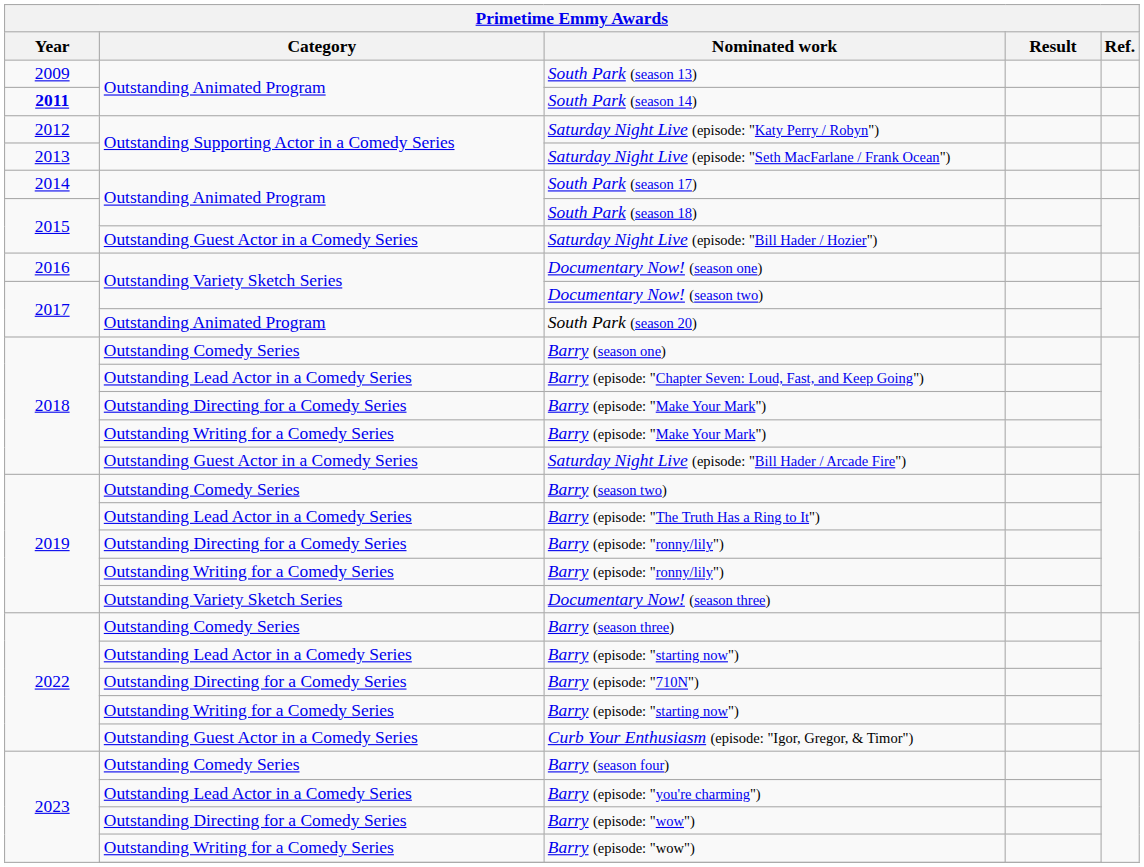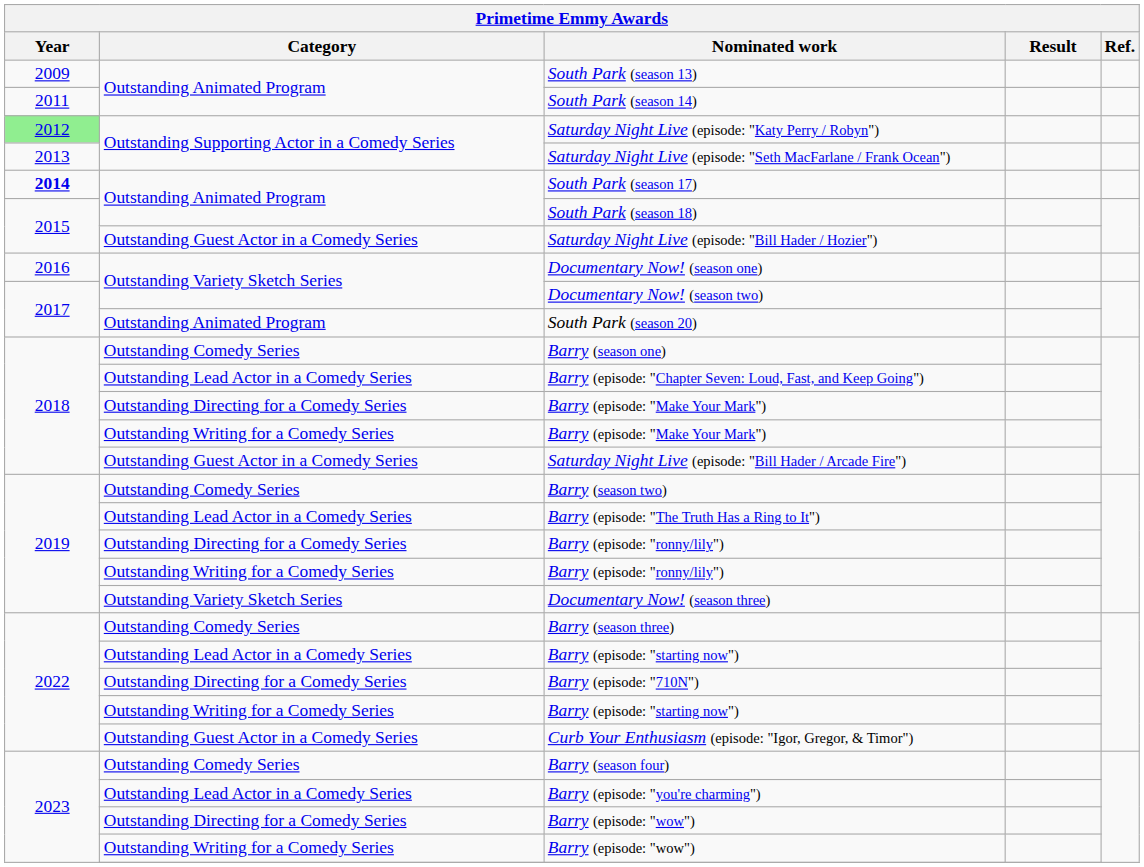 <table class=wikitable>
 <tr>
 <th colspan=5><a href='#'>Primetime Emmy Awards</a></th>
 </tr>
 <tr>
 <th scope="col" style="width:5em;">Year</th>
 <th scope="col" style="width:25em;">Category</th>
 <th scope="col" style="width:26em;">Nominated work</th>
 <th scope="col" style="width:5em;">Result</th>
 <th>Ref.</th>
 </tr>
 <tr>
 <td style="text-align:center;"><a href='#'>2009</a></td>
 <td rowspan=2><a href='#'>Outstanding Animated Program</a></td>
 <td><em><a href='#'>South Park</a></em> <small> (<a href='#'>season 13</a>) </small></td>
 <td></td>
 <td style="text-align:center;"></td>
 </tr>
 <tr>
-<td style="text-align:center;"><strong><a href='#'>2011</a></strong></td>
+<td style="text-align:center;"><a href='#'>2011</a></td>
 <td><em><a href='#'>South Park</a></em> <small> (<a href='#'>season 14</a>) </small></td>
 <td></td>
 <td style="text-align:center;"></td>
 </tr>
 <tr>
-<td style="text-align:center;"><a href='#'>2012</a></td>
+<td style="background: lightgreen; text-align:center;"><a href='#'>2012</a></td>
 <td rowspan=2><a href='#'>Outstanding Supporting Actor in a Comedy Series</a></td>
 <td><em><a href='#'>Saturday Night Live</a></em> <small> (episode: "<a href='#'>Katy Perry / Robyn</a>") </small></td>
 <td></td>
 <td style="text-align:center;"></td>
 </tr>
 <tr>
 <td style="text-align:center;"><a href='#'>2013</a></td>
 <td><em><a href='#'>Saturday Night Live</a></em> <small> (episode: "<a href='#'>Seth MacFarlane / Frank Ocean</a>") </small></td>
 <td></td>
 <td style="text-align:center;"></td>
 </tr>
 <tr>
-<td style="text-align:center;"><a href='#'>2014</a></td>
+<td style="text-align:center;"><strong><a href='#'>2014</a></strong></td>
 <td rowspan=2><a href='#'>Outstanding Animated Program</a></td>
 <td><em><a href='#'>South Park</a></em> <small> (<a href='#'>season 17</a>) </small></td>
 <td></td>
 <td style="text-align:center;"></td>
 </tr>
 <tr>
 <td rowspan="2", style="text-align:center;"><a href='#'>2015</a></td>
 <td><em><a href='#'>South Park</a></em> <small> (<a href='#'>season 18</a>) </small></td>
 <td></td>
 <td style="text-align:center;", rowspan=2></td>
 </tr>
 <tr>
 <td><a href='#'>Outstanding Guest Actor in a Comedy Series</a></td>
 <td><em><a href='#'>Saturday Night Live</a></em> <small> (episode: "<a href='#'>Bill Hader / Hozier</a>") </small></td>
 <td></td>
 </tr>
 <tr>
 <td style="text-align:center;"><a href='#'>2016</a></td>
 <td rowspan=2><a href='#'>Outstanding Variety Sketch Series</a></td>
 <td><em><a href='#'>Documentary Now!</a></em> <small> (<a href='#'>season one</a>)</small></td>
 <td></td>
 <td style="text-align:center;"></td>
 </tr>
 <tr>
 <td rowspan=2, style="text-align:center;"><a href='#'>2017</a></td>
 <td><em><a href='#'>Documentary Now!</a></em> <small> (<a href='#'>season two</a>)</small></td>
 <td></td>
 <td style="text-align:center;", rowspan=2></td>
 </tr>
 <tr>
 <td><a href='#'>Outstanding Animated Program</a></td>
 <td><em> South Park</em> <small> (<a href='#'>season 20</a>) </small></td>
 <td></td>
 </tr>
 <tr>
 <td rowspan=5, style="text-align:center;"><a href='#'>2018</a></td>
 <td><a href='#'>Outstanding Comedy Series</a></td>
 <td><em><a href='#'>Barry</a></em> <small> (<a href='#'>season one</a>) </small></td>
 <td></td>
 <td style="text-align:center;", rowspan=5></td>
 </tr>
 <tr>
 <td><a href='#'>Outstanding Lead Actor in a Comedy Series</a></td>
 <td><em><a href='#'>Barry</a></em> <small> (episode: "<a href='#'>Chapter Seven: Loud, Fast, and Keep Going</a>") </small></td>
 <td></td>
 </tr>
 <tr>
 <td><a href='#'>Outstanding Directing for a Comedy Series</a></td>
 <td><em><a href='#'>Barry</a></em> <small> (episode: "<a href='#'>Make Your Mark</a>") </small></td>
 <td></td>
 </tr>
 <tr>
 <td><a href='#'>Outstanding Writing for a Comedy Series</a></td>
 <td><em><a href='#'>Barry</a></em> <small> (episode: "<a href='#'>Make Your Mark</a>") </small></td>
 <td></td>
 </tr>
 <tr>
 <td><a href='#'>Outstanding Guest Actor in a Comedy Series</a></td>
 <td><em><a href='#'>Saturday Night Live</a></em> <small> (episode: "<a href='#'>Bill Hader / Arcade Fire</a>") </small></td>
 <td></td>
 </tr>
 <tr>
 <td rowspan=5, style="text-align:center;"><a href='#'>2019</a></td>
 <td><a href='#'>Outstanding Comedy Series</a></td>
 <td><em><a href='#'>Barry</a></em> <small> (<a href='#'>season two</a>) </small></td>
 <td></td>
 <td style="text-align:center;", rowspan=5></td>
 </tr>
 <tr>
 <td><a href='#'>Outstanding Lead Actor in a Comedy Series</a></td>
 <td><em><a href='#'>Barry</a></em> <small> (episode: "<a href='#'>The Truth Has a Ring to It</a>") </small></td>
 <td></td>
 </tr>
 <tr>
 <td><a href='#'>Outstanding Directing for a Comedy Series</a></td>
 <td><em><a href='#'>Barry</a></em> <small> (episode: "<a href='#'>ronny/lily</a>") </small></td>
 <td></td>
 </tr>
 <tr>
 <td><a href='#'>Outstanding Writing for a Comedy Series</a></td>
 <td><em><a href='#'>Barry</a></em> <small> (episode: "<a href='#'>ronny/lily</a>") </small></td>
 <td></td>
 </tr>
 <tr>
 <td><a href='#'>Outstanding Variety Sketch Series</a></td>
 <td><em><a href='#'>Documentary Now!</a></em> <small> (<a href='#'>season three</a>) </small></td>
 <td></td>
 </tr>
 <tr>
 <td rowspan=5, style="text-align:center;"><a href='#'>2022</a></td>
 <td><a href='#'>Outstanding Comedy Series</a></td>
 <td><em><a href='#'>Barry</a></em> <small> (<a href='#'>season three</a>) </small></td>
 <td></td>
 <td style="text-align:center;", rowspan=5></td>
 </tr>
 <tr>
 <td><a href='#'>Outstanding Lead Actor in a Comedy Series</a></td>
 <td><em><a href='#'>Barry</a></em> <small> (episode: "<a href='#'>starting now</a>") </small></td>
 <td></td>
 </tr>
 <tr>
 <td><a href='#'>Outstanding Directing for a Comedy Series</a></td>
 <td><em><a href='#'>Barry</a></em> <small> (episode: "<a href='#'>710N</a>") </small></td>
 <td></td>
 </tr>
 <tr>
 <td><a href='#'>Outstanding Writing for a Comedy Series</a></td>
 <td><em><a href='#'>Barry</a></em> <small> (episode: "<a href='#'>starting now</a>") </small></td>
 <td></td>
 </tr>
 <tr>
 <td><a href='#'>Outstanding Guest Actor in a Comedy Series</a></td>
 <td><em><a href='#'>Curb Your Enthusiasm</a></em> <small> (episode: "Igor, Gregor, & Timor") </small></td>
 <td></td>
 </tr>
 <tr>
 <td rowspan=5, style="text-align:center;"><a href='#'>2023</a></td>
 <td><a href='#'>Outstanding Comedy Series</a></td>
 <td><em><a href='#'>Barry</a></em> <small> (<a href='#'>season four</a>) </small></td>
 <td></td>
 <td style="text-align:center;", rowspan=5></td>
 </tr>
 <tr>
 <td><a href='#'>Outstanding Lead Actor in a Comedy Series</a></td>
 <td><em><a href='#'>Barry</a></em> <small> (episode: "<a href='#'>you're charming</a>") </small></td>
 <td></td>
 </tr>
 <tr>
 <td><a href='#'>Outstanding Directing for a Comedy Series</a></td>
 <td><em><a href='#'>Barry</a></em> <small> (episode: "<a href='#'>wow</a>") </small></td>
 <td></td>
 </tr>
 <tr>
 <td><a href='#'>Outstanding Writing for a Comedy Series</a></td>
 <td><em><a href='#'>Barry</a></em> <small> (episode: "wow") </small></td>
 <td></td>
 </tr>
 <tr>
 </tr>
 </table>
